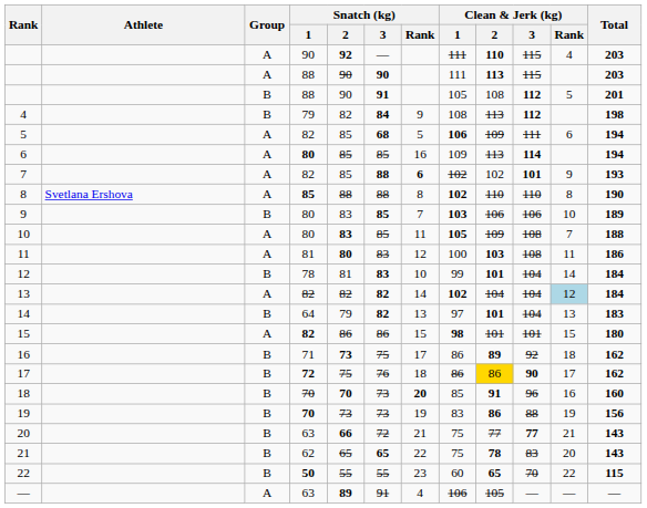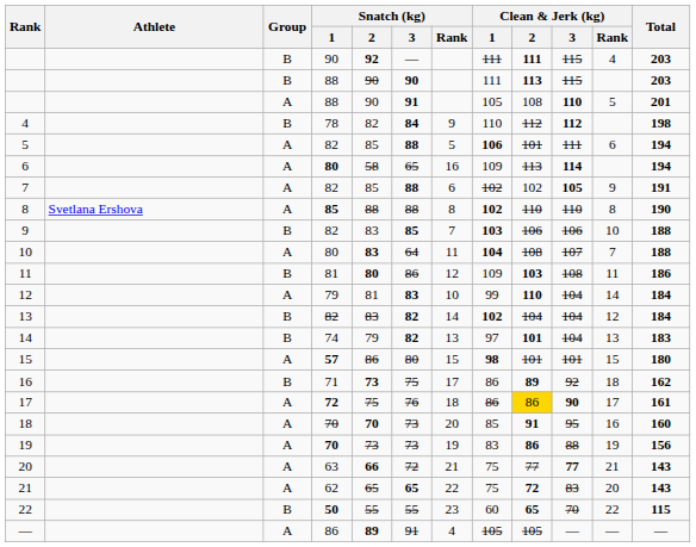 <table class = "wikitable" style="text-align:center;">
 <tr>
 <th rowspan=2 width=40>Rank</th>
 <th rowspan=2 width=250>Athlete</th>
 <th rowspan=2 width=50>Group</th>
 <th colspan=4>Snatch (kg)</th>
 <th colspan=4>Clean & Jerk (kg)</th>
 <th rowspan=2 width=60>Total</th>
 </tr>
 <tr>
 <th width=40>1</th>
 <th width=40>2</th>
 <th width=40>3</th>
 <th width=40>Rank</th>
 <th width=40>1</th>
 <th width=40>2</th>
 <th width=40>3</th>
 <th width=40>Rank</th>
 </tr>
 <tr>
 <td></td>
 <td align=left></td>
-<td>A</td>
+<td>B</td>
 <td>90</td>
 <td><strong>92</strong></td>
 <td>—</td>
 <td></td>
 <td><s>111</s></td>
-<td><strong>110</strong></td>
+<td><strong>111</strong></td>
 <td><s>115</s></td>
 <td>4</td>
 <td><strong>203</strong></td>
 </tr>
 <tr>
 <td></td>
 <td align=left></td>
-<td>A</td>
+<td>B</td>
 <td>88</td>
 <td><s>90</s></td>
 <td><strong>90</strong></td>
 <td></td>
 <td>111</td>
 <td><strong>113</strong></td>
 <td><s>115</s></td>
 <td></td>
 <td><strong>203</strong></td>
 </tr>
 <tr>
 <td></td>
 <td align=left></td>
-<td>B</td>
+<td>A</td>
 <td>88</td>
 <td>90</td>
 <td><strong>91</strong></td>
 <td></td>
 <td>105</td>
 <td>108</td>
-<td><strong>112</strong></td>
+<td><strong>110</strong></td>
 <td>5</td>
 <td><strong>201</strong></td>
 </tr>
 <tr>
 <td>4</td>
 <td align=left></td>
 <td>B</td>
-<td>79</td>
+<td>78</td>
 <td>82</td>
 <td><strong>84</strong></td>
 <td>9</td>
-<td>108</td>
-<td><s>113</s></td>
+<td>110</td>
+<td><s>112</s></td>
 <td><strong>112</strong></td>
 <td></td>
 <td><strong>198</strong></td>
 </tr>
 <tr>
 <td>5</td>
 <td align=left></td>
 <td>A</td>
 <td>82</td>
 <td>85</td>
-<td><strong>68</strong></td>
+<td><strong>88</strong></td>
 <td>5</td>
 <td><strong>106</strong></td>
-<td><s>109</s></td>
+<td><s>101</s></td>
 <td><s>111</s></td>
 <td>6</td>
 <td><strong>194</strong></td>
 </tr>
 <tr>
 <td>6</td>
 <td align=left></td>
 <td>A</td>
 <td><strong>80</strong></td>
-<td><s>85</s></td>
-<td><s>85</s></td>
+<td><s>58</s></td>
+<td><s>65</s></td>
 <td>16</td>
 <td>109</td>
 <td><s>113</s></td>
 <td><strong>114</strong></td>
 <td></td>
 <td><strong>194</strong></td>
 </tr>
 <tr>
 <td>7</td>
 <td align=left></td>
 <td>A</td>
 <td>82</td>
 <td>85</td>
 <td><strong>88</strong></td>
-<td><strong>6</strong></td>
+<td>6</td>
 <td><s>102</s></td>
 <td>102</td>
-<td><strong>101</strong></td>
+<td><strong>105</strong></td>
 <td>9</td>
-<td><strong>193</strong></td>
+<td><strong>191</strong></td>
 </tr>
 <tr>
 <td>8</td>
 <td align=left> <a href='#'>Svetlana Ershova</a> </td>
 <td>A</td>
 <td><strong>85</strong></td>
 <td><s>88</s></td>
 <td><s>88</s></td>
 <td>8</td>
 <td><strong>102</strong></td>
 <td><s>110</s></td>
 <td><s>110</s></td>
 <td>8</td>
 <td><strong>190</strong></td>
 </tr>
 <tr>
 <td>9</td>
 <td align=left></td>
 <td>B</td>
-<td>80</td>
+<td>82</td>
 <td>83</td>
 <td><strong>85</strong></td>
 <td>7</td>
 <td><strong>103</strong></td>
 <td><s>106</s></td>
 <td><s>106</s></td>
 <td>10</td>
-<td><strong>189</strong></td>
+<td><strong>188</strong></td>
 </tr>
 <tr>
 <td>10</td>
 <td align=left></td>
 <td>A</td>
 <td>80</td>
 <td><strong>83</strong></td>
-<td><s>85</s></td>
+<td><s>64</s></td>
 <td>11</td>
-<td><strong>105</strong></td>
-<td><s>109</s></td>
+<td><strong>104</strong></td>
 <td><s>108</s></td>
+<td><s>107</s></td>
 <td>7</td>
 <td><strong>188</strong></td>
 </tr>
 <tr>
 <td>11</td>
 <td align=left></td>
-<td>A</td>
+<td>B</td>
 <td>81</td>
 <td><strong>80</strong></td>
-<td><s>83</s></td>
+<td><s>86</s></td>
 <td>12</td>
-<td>100</td>
+<td>109</td>
 <td><strong>103</strong></td>
 <td><s>108</s></td>
 <td>11</td>
 <td><strong>186</strong></td>
 </tr>
 <tr>
 <td>12</td>
 <td align=left></td>
-<td>B</td>
-<td>78</td>
+<td>A</td>
+<td>79</td>
 <td>81</td>
 <td><strong>83</strong></td>
 <td>10</td>
 <td>99</td>
-<td><strong>101</strong></td>
+<td><strong>110</strong></td>
 <td><s>104</s></td>
 <td>14</td>
 <td><strong>184</strong></td>
 </tr>
 <tr>
 <td>13</td>
 <td align=left></td>
-<td>A</td>
+<td>B</td>
 <td><s>82</s></td>
-<td><s>82</s></td>
+<td><s>83</s></td>
 <td><strong>82</strong></td>
 <td>14</td>
 <td><strong>102</strong></td>
 <td><s>104</s></td>
 <td><s>104</s></td>
-<td style="background: lightblue;">12</td>
+<td>12</td>
 <td><strong>184</strong></td>
 </tr>
 <tr>
 <td>14</td>
 <td align=left></td>
 <td>B</td>
-<td>64</td>
+<td>74</td>
 <td>79</td>
 <td><strong>82</strong></td>
 <td>13</td>
 <td>97</td>
 <td><strong>101</strong></td>
 <td><s>104</s></td>
 <td>13</td>
 <td><strong>183</strong></td>
 </tr>
 <tr>
 <td>15</td>
 <td align=left></td>
 <td>A</td>
-<td><strong>82</strong></td>
+<td><strong>57</strong></td>
 <td><s>86</s></td>
-<td><s>86</s></td>
+<td><s>80</s></td>
 <td>15</td>
 <td><strong>98</strong></td>
 <td><s>101</s></td>
 <td><s>101</s></td>
 <td>15</td>
 <td><strong>180</strong></td>
 </tr>
 <tr>
 <td>16</td>
 <td align=left></td>
 <td>B</td>
 <td>71</td>
 <td><strong>73</strong></td>
 <td><s>75</s></td>
 <td>17</td>
 <td>86</td>
 <td><strong>89</strong></td>
 <td><s>92</s></td>
 <td>18</td>
 <td><strong>162</strong></td>
 </tr>
 <tr>
 <td>17</td>
 <td align=left></td>
-<td>B</td>
+<td>A</td>
 <td><strong>72</strong></td>
 <td><s>75</s></td>
 <td><s>76</s></td>
 <td>18</td>
 <td><s>86</s></td>
 <td style="background: gold;">86</td>
 <td><strong>90</strong></td>
 <td>17</td>
-<td><strong>162</strong></td>
+<td><strong>161</strong></td>
 </tr>
 <tr>
 <td>18</td>
 <td align=left></td>
-<td>B</td>
+<td>A</td>
 <td><s>70</s></td>
 <td><strong>70</strong></td>
 <td><s>73</s></td>
-<td><strong>20</strong></td>
+<td>20</td>
 <td>85</td>
 <td><strong>91</strong></td>
-<td><s>96</s></td>
+<td><s>95</s></td>
 <td>16</td>
 <td><strong>160</strong></td>
 </tr>
 <tr>
 <td>19</td>
 <td align=left></td>
-<td>B</td>
+<td>A</td>
 <td><strong>70</strong></td>
 <td><s>73</s></td>
 <td><s>73</s></td>
 <td>19</td>
 <td>83</td>
 <td><strong>86</strong></td>
 <td><s>88</s></td>
 <td>19</td>
 <td><strong>156</strong></td>
 </tr>
 <tr>
 <td>20</td>
 <td align=left></td>
-<td>B</td>
+<td>A</td>
 <td>63</td>
 <td><strong>66</strong></td>
 <td><s>72</s></td>
 <td>21</td>
 <td>75</td>
 <td><s>77</s></td>
 <td><strong>77</strong></td>
 <td>21</td>
 <td><strong>143</strong></td>
 </tr>
 <tr>
 <td>21</td>
 <td align=left></td>
-<td>B</td>
+<td>A</td>
 <td>62</td>
 <td><s>65</s></td>
 <td><strong>65</strong></td>
 <td>22</td>
 <td>75</td>
-<td><strong>78</strong></td>
+<td><strong>72</strong></td>
 <td><s>83</s></td>
 <td>20</td>
 <td><strong>143</strong></td>
 </tr>
 <tr>
 <td>22</td>
 <td align=left></td>
 <td>B</td>
 <td><strong>50</strong></td>
 <td><s>55</s></td>
 <td><s>55</s></td>
 <td>23</td>
 <td>60</td>
 <td><strong>65</strong></td>
 <td><s>70</s></td>
 <td>22</td>
 <td><strong>115</strong></td>
 </tr>
 <tr>
 <td>—</td>
 <td align=left></td>
 <td>A</td>
-<td>63</td>
+<td>86</td>
 <td><strong>89</strong></td>
 <td><s>91</s></td>
 <td>4</td>
-<td><s>106</s></td>
+<td><s>105</s></td>
 <td><s>105</s></td>
 <td>—</td>
 <td>—</td>
 <td>—</td>
 </tr>
 </table>
